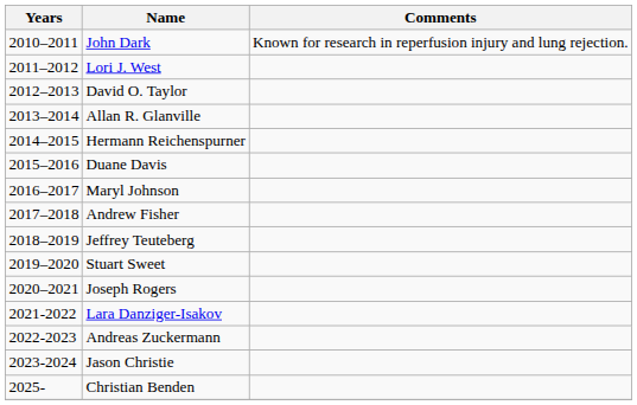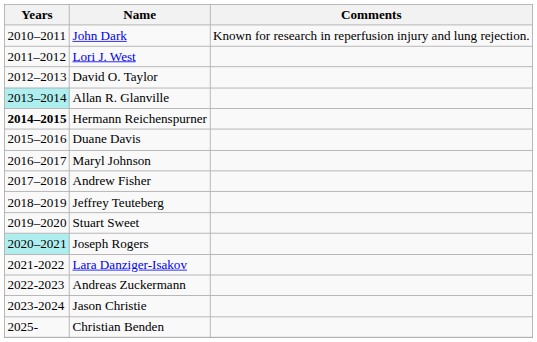 <table class="wikitable">
 <tr>
 <th>Years</th>
 <th>Name</th>
 <th>Comments</th>
 </tr>
 <tr>
 <td>2010–2011</td>
 <td><a href='#'>John Dark</a></td>
 <td>Known for research in reperfusion injury and lung rejection.</td>
 </tr>
 <tr>
 <td>2011–2012</td>
 <td><a href='#'>Lori J. West</a></td>
 <td></td>
 </tr>
 <tr>
 <td>2012–2013</td>
 <td>David O. Taylor</td>
 <td></td>
 </tr>
 <tr>
-<td>2013–2014</td>
+<td style="background: paleturquoise;">2013–2014</td>
 <td>Allan R. Glanville</td>
 <td></td>
 </tr>
 <tr>
-<td>2014–2015</td>
+<td><strong>2014–2015</strong></td>
 <td>Hermann Reichenspurner</td>
 <td></td>
 </tr>
 <tr>
 <td>2015–2016</td>
 <td>Duane Davis</td>
 <td></td>
 </tr>
 <tr>
 <td>2016–2017</td>
 <td>Maryl Johnson</td>
 <td></td>
 </tr>
 <tr>
 <td>2017–2018</td>
 <td>Andrew Fisher</td>
 <td></td>
 </tr>
 <tr>
 <td>2018–2019</td>
 <td>Jeffrey Teuteberg</td>
 <td></td>
 </tr>
 <tr>
 <td>2019–2020</td>
 <td>Stuart Sweet</td>
 <td></td>
 </tr>
 <tr>
-<td>2020–2021</td>
+<td style="background: paleturquoise;">2020–2021</td>
 <td>Joseph Rogers</td>
 <td></td>
 </tr>
 <tr>
 <td>2021-2022</td>
 <td><a href='#'>Lara Danziger-Isakov</a></td>
 <td></td>
 </tr>
 <tr>
 <td>2022-2023</td>
 <td>Andreas Zuckermann</td>
 <td></td>
 </tr>
 <tr>
 <td>2023-2024</td>
 <td>Jason Christie</td>
 <td></td>
 </tr>
 <tr>
 <td>2025-</td>
 <td>Christian Benden</td>
 <td></td>
 </tr>
 <tr>
 </tr>
 </table>
